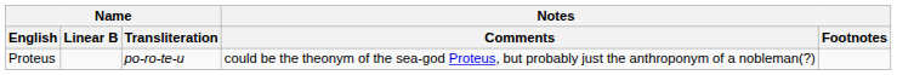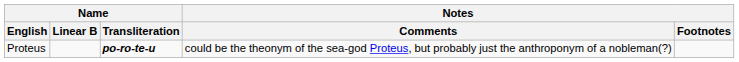 <table class="wikitable">
 <tr>
 <th colspan="3">Name</th>
 <th colspan="2">Notes</th>
 </tr>
 <tr>
 <th>English</th>
 <th>Linear B</th>
 <th>Transliteration</th>
 <th>Comments</th>
 <th>Footnotes</th>
 </tr>
 <tr>
 <td>Proteus</td>
 <td></td>
-<td><em>po-ro-te-u</em></td>
+<td><strong><em>po-ro-te-u</em></strong></td>
 <td>could be the theonym of the sea-god <a href='#'>Proteus</a>, but probably just the anthroponym of a nobleman(?)</td>
 <td></td>
 </tr>
 </table>
